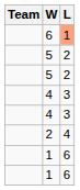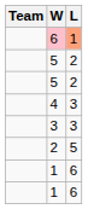 <table class="wikitable" border="1">
 <tr>
 <th>Team</th>
 <th>W</th>
 <th>L</th>
 </tr>
 <tr>
 <td></td>
-<td>6</td>
+<td style="background: pink;">6</td>
 <td style="background: lightsalmon;">1</td>
 </tr>
 <tr>
 <td></td>
 <td>5</td>
 <td>2</td>
 </tr>
 <tr>
 <td></td>
 <td>5</td>
 <td>2</td>
 </tr>
 <tr>
 <td></td>
 <td>4</td>
 <td>3</td>
 </tr>
 <tr>
 <td>  </td>
-<td>4</td>
+<td>3</td>
 <td>3</td>
 </tr>
 <tr>
 <td></td>
 <td>2</td>
-<td>4</td>
+<td>5</td>
 </tr>
 <tr>
 <td></td>
 <td>1</td>
 <td>6</td>
 </tr>
 <tr>
 <td></td>
 <td>1</td>
 <td>6</td>
 </tr>
 </table>
